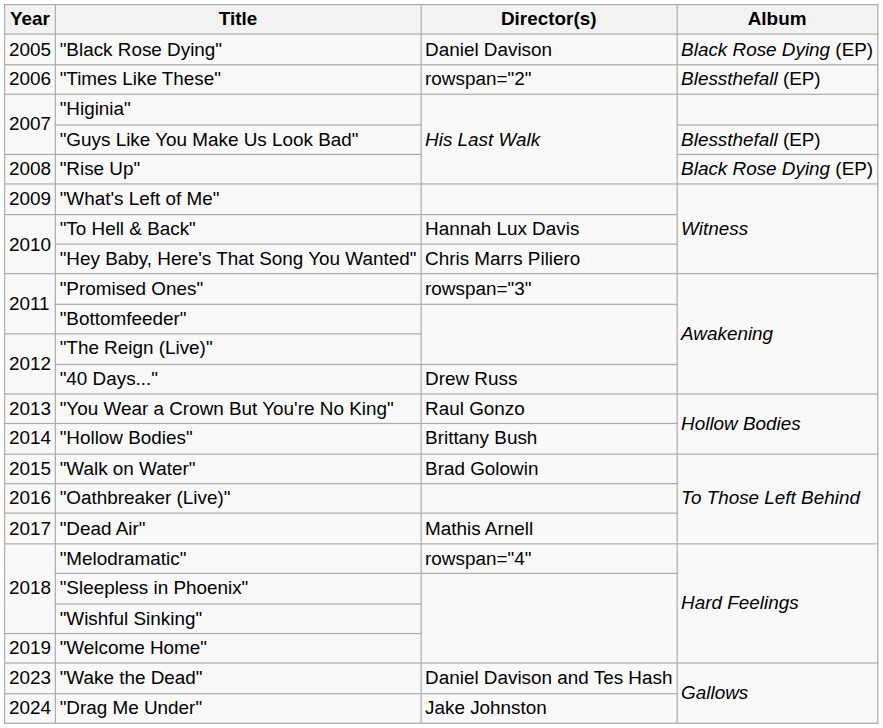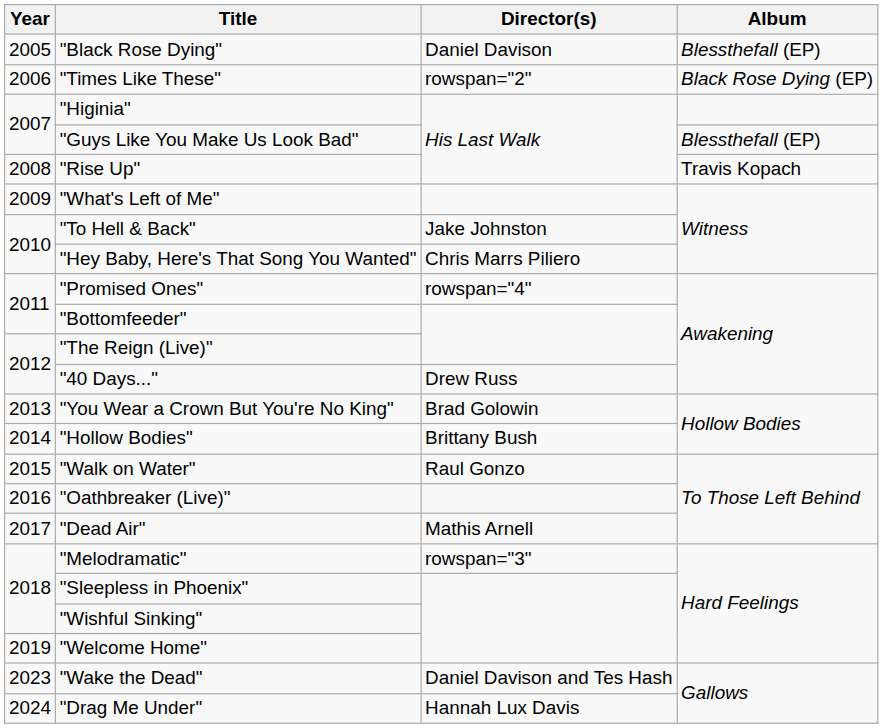 <table class="wikitable">
 <tr>
 <th>Year</th>
 <th>Title</th>
 <th>Director(s)</th>
 <th>Album</th>
 </tr>
 <tr>
 <td>2005</td>
 <td>"Black Rose Dying"</td>
 <td>Daniel Davison</td>
-<td><em>Black Rose Dying</em> (EP)</td>
+<td><em>Blessthefall</em> (EP)</td>
 </tr>
 <tr>
 <td>2006</td>
 <td>"Times Like These"</td>
 <td>rowspan="2" </td>
-<td><em>Blessthefall</em> (EP)</td>
+<td><em>Black Rose Dying</em> (EP)</td>
 </tr>
 <tr>
 <td rowspan="2">2007</td>
 <td>"Higinia"</td>
 <td rowspan="3"><em>His Last Walk</em></td>
 </tr>
 <tr>
 <td>"Guys Like You Make Us Look Bad"</td>
 <td><em>Blessthefall</em> (EP)</td>
 </tr>
 <tr>
 <td>2008</td>
 <td>"Rise Up"</td>
-<td><em>Black Rose Dying</em> (EP)</td>
+<td>Travis Kopach</td>
 </tr>
 <tr>
 <td>2009</td>
 <td>"What's Left of Me"</td>
 <td></td>
 <td rowspan="3"><em>Witness</em></td>
 </tr>
 <tr>
 <td rowspan="2">2010</td>
 <td>"To Hell & Back"</td>
-<td>Hannah Lux Davis</td>
+<td>Jake Johnston</td>
 </tr>
 <tr>
 <td>"Hey Baby, Here's That Song You Wanted"</td>
 <td>Chris Marrs Piliero</td>
 </tr>
 <tr>
 <td rowspan="2">2011</td>
 <td>"Promised Ones"</td>
-<td>rowspan="3" </td>
+<td>rowspan="4" </td>
 <td rowspan="4"><em>Awakening</em></td>
 </tr>
 <tr>
 <td>"Bottomfeeder"</td>
 </tr>
 <tr>
 <td rowspan="2">2012</td>
 <td>"The Reign (Live)"</td>
 </tr>
 <tr>
 <td>"40 Days..."</td>
 <td>Drew Russ</td>
 </tr>
 <tr>
 <td>2013</td>
 <td>"You Wear a Crown But You're No King"</td>
-<td>Raul Gonzo</td>
+<td>Brad Golowin</td>
 <td rowspan="2"><em>Hollow Bodies</em></td>
 </tr>
 <tr>
 <td>2014</td>
 <td>"Hollow Bodies"</td>
 <td>Brittany Bush</td>
 </tr>
 <tr>
 <td>2015</td>
 <td>"Walk on Water"</td>
-<td>Brad Golowin</td>
+<td>Raul Gonzo</td>
 <td rowspan="3"><em>To Those Left Behind</em></td>
 </tr>
 <tr>
 <td>2016</td>
 <td>"Oathbreaker (Live)"</td>
 <td></td>
 </tr>
 <tr>
 <td>2017</td>
 <td>"Dead Air"</td>
 <td>Mathis Arnell</td>
 </tr>
 <tr>
 <td rowspan="3">2018</td>
 <td>"Melodramatic"</td>
-<td>rowspan="4" </td>
+<td>rowspan="3" </td>
 <td rowspan="4"><em>Hard Feelings</em></td>
 </tr>
 <tr>
 <td>"Sleepless in Phoenix"</td>
 </tr>
 <tr>
 <td>"Wishful Sinking"</td>
 </tr>
 <tr>
 <td>2019</td>
 <td>"Welcome Home"</td>
 </tr>
 <tr>
 <td>2023</td>
 <td>"Wake the Dead"</td>
 <td>Daniel Davison and Tes Hash</td>
 <td rowspan="2"><em>Gallows</em></td>
 </tr>
 <tr>
 <td>2024</td>
 <td>"Drag Me Under"</td>
-<td>Jake Johnston</td>
+<td>Hannah Lux Davis</td>
 </tr>
 </table>
